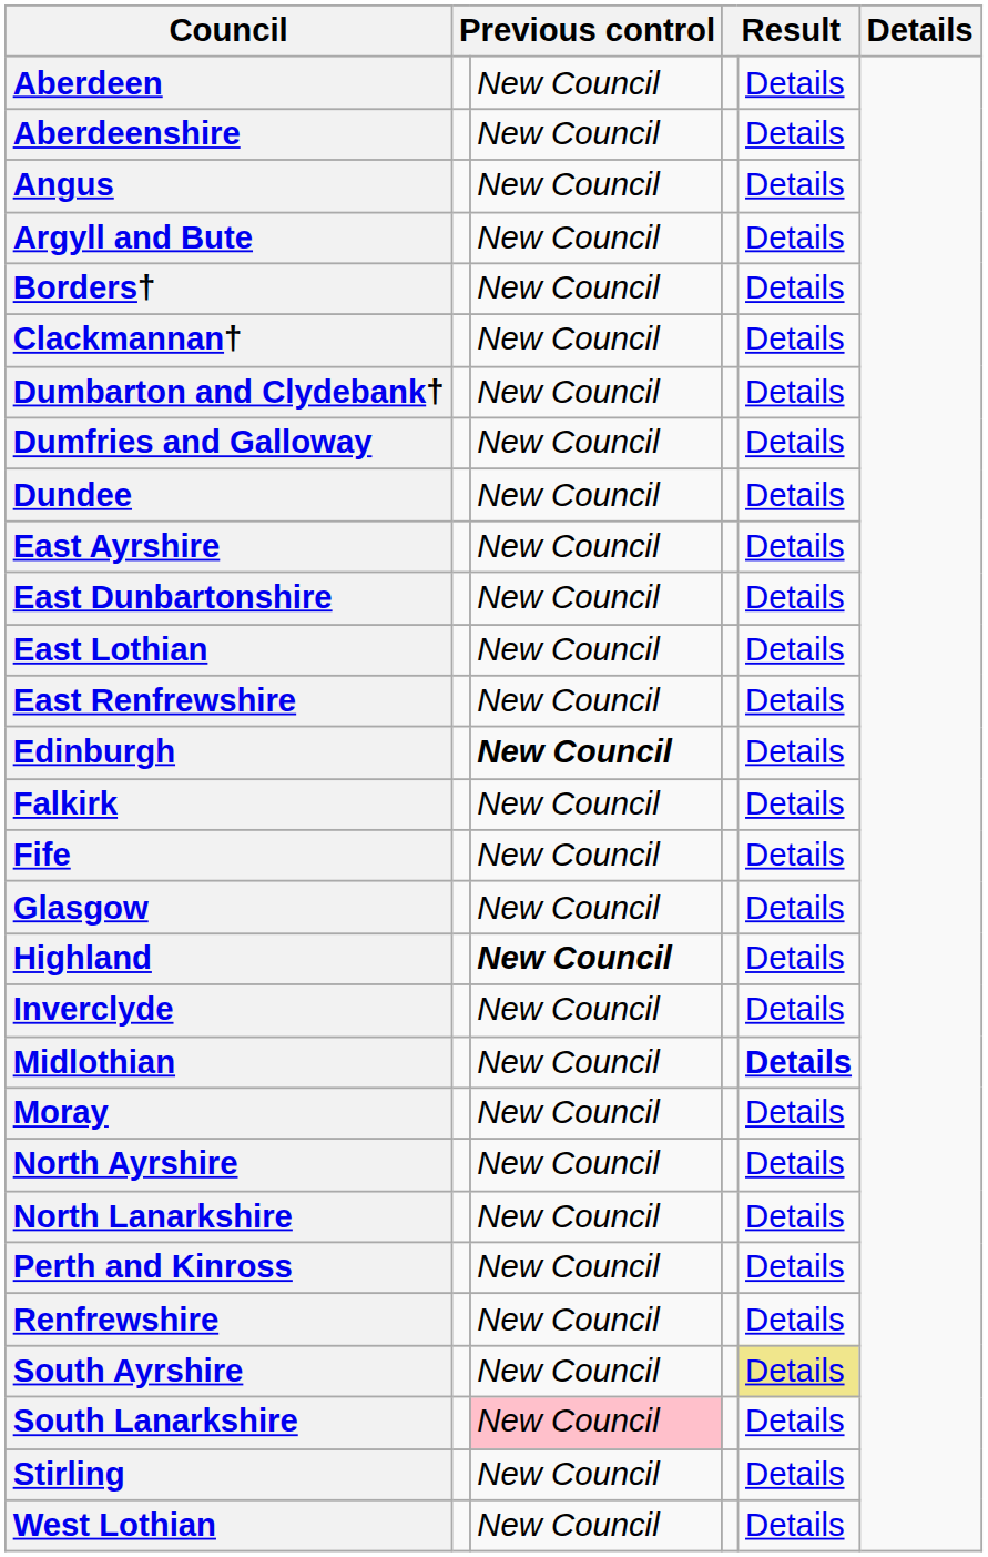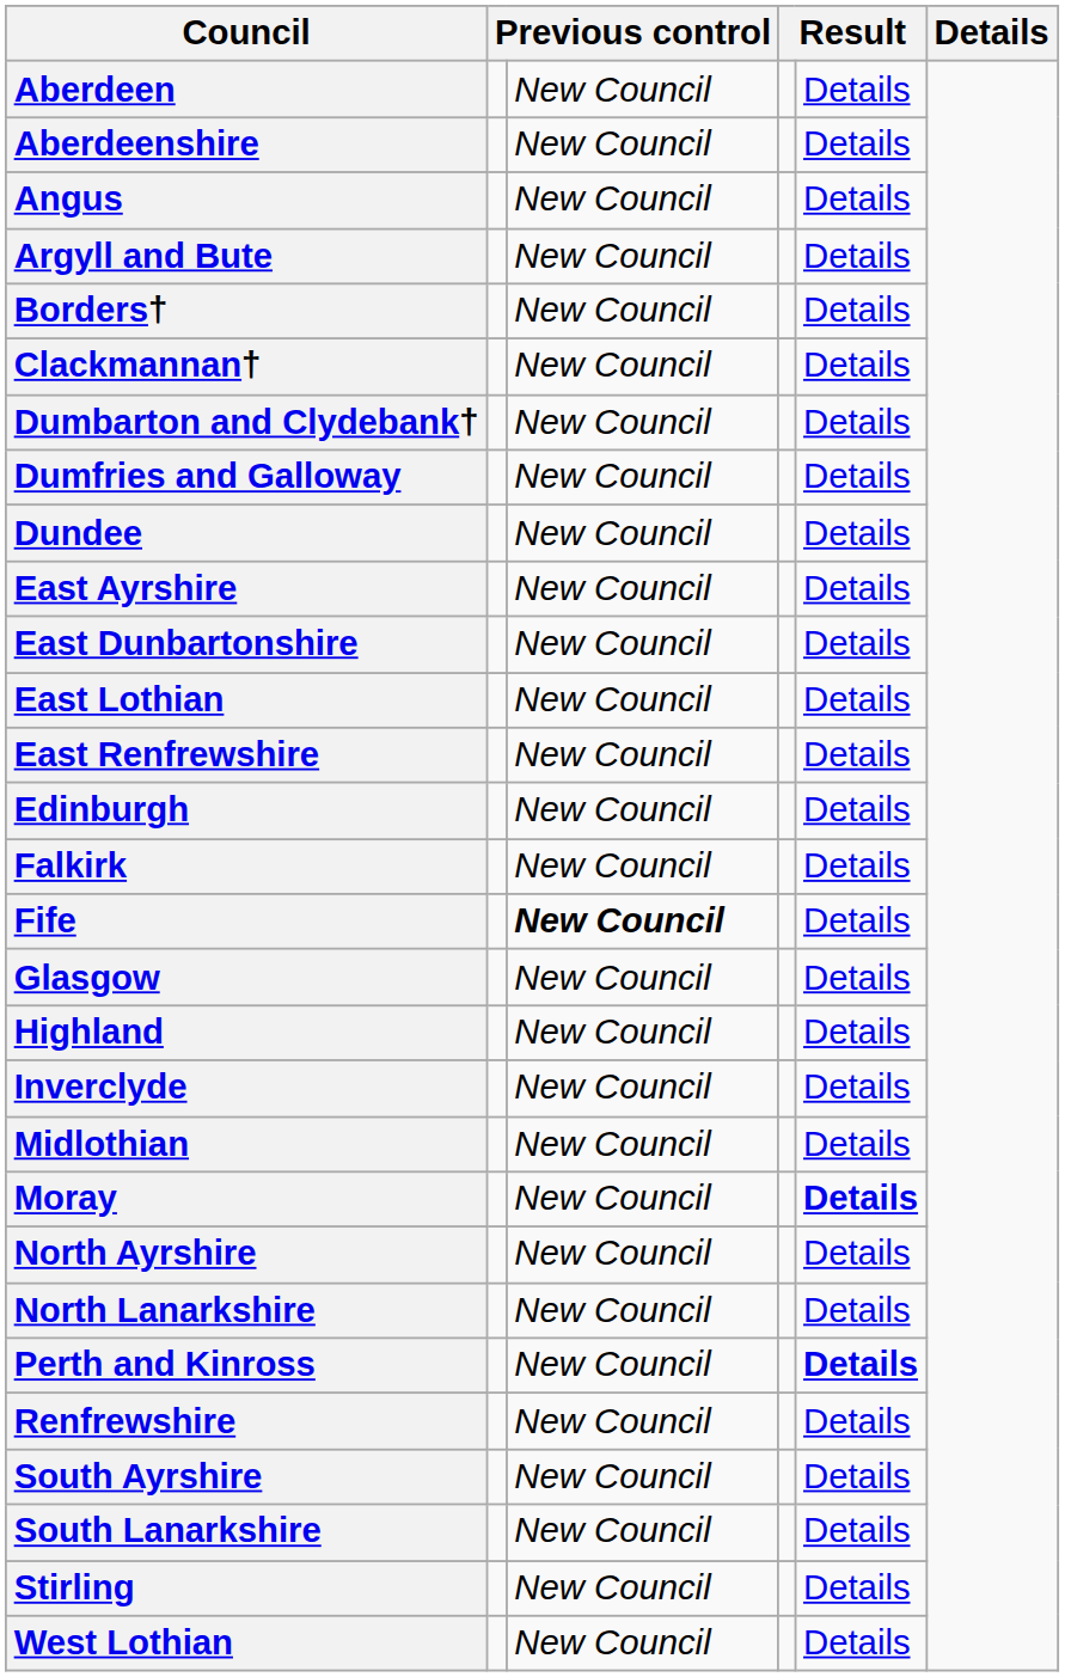 <table class="wikitable sortable" border="1">
 <tr>
 <th scope="col">Council</th>
 <th colspan=2>Previous control</th>
 <th colspan=2>Result</th>
 <th class="unsortable" scope="col">Details</th>
 </tr>
 <tr>
 <th scope="row" style="text-align: left;"><a href='#'>Aberdeen</a></th>
 <td></td>
 <td><em>New Council</em></td>
 <td></td>
 <td><a href='#'>Details</a></td>
 </tr>
 <tr>
 <th scope="row" style="text-align: left;"><a href='#'>Aberdeenshire</a></th>
 <td></td>
 <td><em>New Council</em></td>
 <td></td>
 <td><a href='#'>Details</a></td>
 </tr>
 <tr>
 <th scope="row" style="text-align: left;"><a href='#'>Angus</a></th>
 <td></td>
 <td><em>New Council</em></td>
 <td></td>
 <td><a href='#'>Details</a></td>
 </tr>
 <tr>
 <th scope="row" style="text-align: left;"><a href='#'>Argyll and Bute</a></th>
 <td></td>
 <td><em>New Council</em></td>
 <td></td>
 <td><a href='#'>Details</a></td>
 </tr>
 <tr>
 <th scope="row" style="text-align: left;"><a href='#'>Borders</a>†</th>
 <td></td>
 <td><em>New Council</em></td>
 <td></td>
 <td><a href='#'>Details</a></td>
 </tr>
 <tr>
 <th scope="row" style="text-align: left;"><a href='#'>Clackmannan</a>†</th>
 <td></td>
 <td><em>New Council</em></td>
 <td></td>
 <td><a href='#'>Details</a></td>
 </tr>
 <tr>
 <th scope="row" style="text-align: left;"><a href='#'>Dumbarton and Clydebank</a>†</th>
 <td></td>
 <td><em>New Council</em></td>
 <td></td>
 <td><a href='#'>Details</a></td>
 </tr>
 <tr>
 <th scope="row" style="text-align: left;"><a href='#'>Dumfries and Galloway</a></th>
 <td></td>
 <td><em>New Council</em></td>
 <td></td>
 <td><a href='#'>Details</a></td>
 </tr>
 <tr>
 <th scope="row" style="text-align: left;"><a href='#'>Dundee</a></th>
 <td></td>
 <td><em>New Council</em></td>
 <td></td>
 <td><a href='#'>Details</a></td>
 </tr>
 <tr>
 <th scope="row" style="text-align: left;"><a href='#'>East Ayrshire</a></th>
 <td></td>
 <td><em>New Council</em></td>
 <td></td>
 <td><a href='#'>Details</a></td>
 </tr>
 <tr>
 <th scope="row" style="text-align: left;"><a href='#'>East Dunbartonshire</a></th>
 <td></td>
 <td><em>New Council</em></td>
 <td></td>
 <td><a href='#'>Details</a></td>
 </tr>
 <tr>
 <th scope="row" style="text-align: left;"><a href='#'>East Lothian</a></th>
 <td></td>
 <td><em>New Council</em></td>
 <td></td>
 <td><a href='#'>Details</a></td>
 </tr>
 <tr>
 <th scope="row" style="text-align: left;"><a href='#'>East Renfrewshire</a></th>
 <td></td>
 <td><em>New Council</em></td>
 <td></td>
 <td><a href='#'>Details</a></td>
 </tr>
 <tr>
 <th scope="row" style="text-align: left;"><a href='#'>Edinburgh</a></th>
 <td></td>
-<td><strong><em>New Council</em></strong></td>
+<td><em>New Council</em></td>
 <td></td>
 <td><a href='#'>Details</a></td>
 </tr>
 <tr>
 <th scope="row" style="text-align: left;"><a href='#'>Falkirk</a></th>
 <td></td>
 <td><em>New Council</em></td>
 <td></td>
 <td><a href='#'>Details</a></td>
 </tr>
 <tr>
 <th scope="row" style="text-align: left;"><a href='#'>Fife</a></th>
 <td></td>
-<td><em>New Council</em></td>
+<td><strong><em>New Council</em></strong></td>
 <td></td>
 <td><a href='#'>Details</a></td>
 </tr>
 <tr>
 <th scope="row" style="text-align: left;"><a href='#'>Glasgow</a></th>
 <td></td>
 <td><em>New Council</em></td>
 <td></td>
 <td><a href='#'>Details</a></td>
 </tr>
 <tr>
 <th scope="row" style="text-align: left;"><a href='#'>Highland</a></th>
 <td></td>
-<td><strong><em>New Council</em></strong></td>
+<td><em>New Council</em></td>
 <td></td>
 <td><a href='#'>Details</a></td>
 </tr>
 <tr>
 <th scope="row" style="text-align: left;"><a href='#'>Inverclyde</a></th>
 <td></td>
 <td><em>New Council</em></td>
 <td></td>
 <td><a href='#'>Details</a></td>
 </tr>
 <tr>
 <th scope="row" style="text-align: left;"><a href='#'>Midlothian</a></th>
 <td></td>
 <td><em>New Council</em></td>
 <td></td>
-<td><strong><a href='#'>Details</a></strong></td>
+<td><a href='#'>Details</a></td>
 </tr>
 <tr>
 <th scope="row" style="text-align: left;"><a href='#'>Moray</a></th>
 <td></td>
 <td><em>New Council</em></td>
 <td></td>
-<td><a href='#'>Details</a></td>
+<td><strong><a href='#'>Details</a></strong></td>
 </tr>
 <tr>
 <th scope="row" style="text-align: left;"><a href='#'>North Ayrshire</a></th>
 <td></td>
 <td><em>New Council</em></td>
 <td></td>
 <td><a href='#'>Details</a></td>
 </tr>
 <tr>
 <th scope="row" style="text-align: left;"><a href='#'>North Lanarkshire</a></th>
 <td></td>
 <td><em>New Council</em></td>
 <td></td>
 <td><a href='#'>Details</a></td>
 </tr>
 <tr>
 <th scope="row" style="text-align: left;"><a href='#'>Perth and Kinross</a></th>
 <td></td>
 <td><em>New Council</em></td>
 <td></td>
-<td><a href='#'>Details</a></td>
+<td><strong><a href='#'>Details</a></strong></td>
 </tr>
 <tr>
 <th scope="row" style="text-align: left;"><a href='#'>Renfrewshire</a></th>
 <td></td>
 <td><em>New Council</em></td>
 <td></td>
 <td><a href='#'>Details</a></td>
 </tr>
 <tr>
 <th scope="row" style="text-align: left;"><a href='#'>South Ayrshire</a></th>
 <td></td>
 <td><em>New Council</em></td>
 <td></td>
-<td style="background: khaki;"><a href='#'>Details</a></td>
+<td><a href='#'>Details</a></td>
 </tr>
 <tr>
 <th scope="row" style="text-align: left;"><a href='#'>South Lanarkshire</a></th>
 <td></td>
-<td style="background: pink;"><em>New Council</em></td>
+<td><em>New Council</em></td>
 <td></td>
 <td><a href='#'>Details</a></td>
 </tr>
 <tr>
 <th scope="row" style="text-align: left;"><a href='#'>Stirling</a></th>
 <td></td>
 <td><em>New Council</em></td>
 <td></td>
 <td><a href='#'>Details</a></td>
 </tr>
 <tr>
 <th scope="row" style="text-align: left;"><a href='#'>West Lothian</a></th>
 <td></td>
 <td><em>New Council</em></td>
 <td></td>
 <td><a href='#'>Details</a></td>
 </tr>
 </table>
